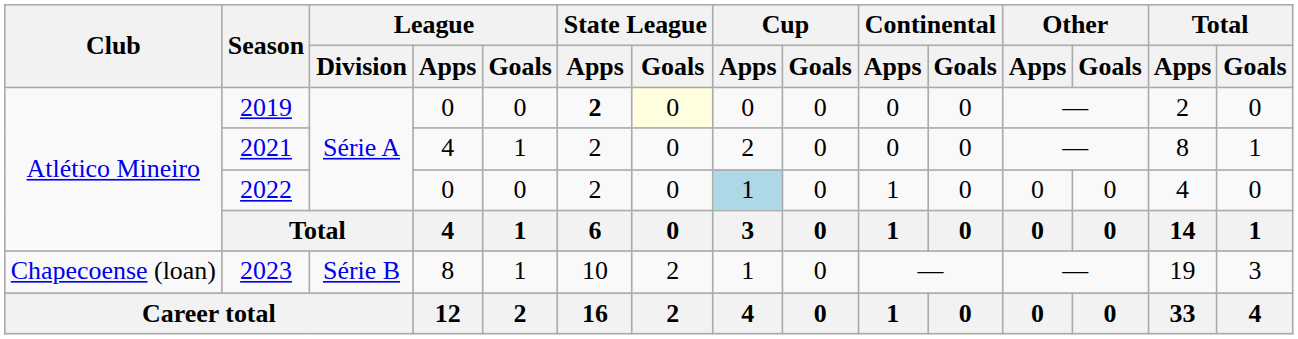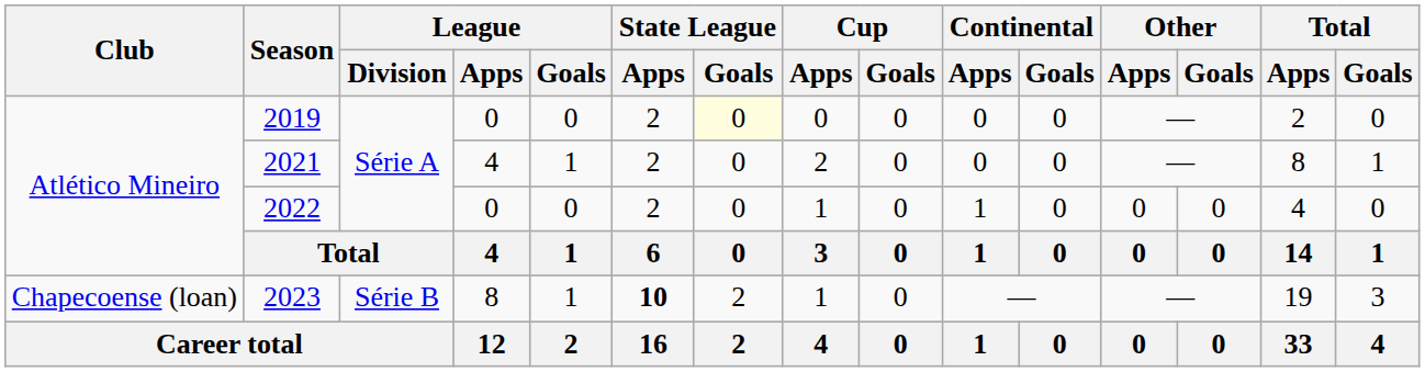 <table class="wikitable" style="text-align: center">
 <tr>
 <th rowspan="2">Club</th>
 <th rowspan="2">Season</th>
 <th colspan="3">League</th>
 <th colspan="2">State League</th>
 <th colspan="2">Cup</th>
 <th colspan="2">Continental</th>
 <th colspan="2">Other</th>
 <th colspan="2">Total</th>
 </tr>
 <tr>
 <th>Division</th>
 <th>Apps</th>
 <th>Goals</th>
 <th>Apps</th>
 <th>Goals</th>
 <th>Apps</th>
 <th>Goals</th>
 <th>Apps</th>
 <th>Goals</th>
 <th>Apps</th>
 <th>Goals</th>
 <th>Apps</th>
 <th>Goals</th>
 </tr>
 <tr>
 <td rowspan=4 valign="center"><a href='#'>Atlético Mineiro</a></td>
 <td><a href='#'>2019</a></td>
 <td rowspan=3 valign="center"><a href='#'>Série A</a></td>
 <td>0</td>
 <td>0</td>
-<td><strong>2</strong></td>
+<td>2</td>
 <td style="background: lightyellow;">0</td>
 <td>0</td>
 <td>0</td>
 <td>0</td>
 <td>0</td>
 <td colspan="2">—</td>
 <td>2</td>
 <td>0</td>
 </tr>
 <tr>
 <td><a href='#'>2021</a></td>
 <td>4</td>
 <td>1</td>
 <td>2</td>
 <td>0</td>
 <td>2</td>
 <td>0</td>
 <td>0</td>
 <td>0</td>
 <td colspan="2">—</td>
 <td>8</td>
 <td>1</td>
 </tr>
 <tr>
 <td><a href='#'>2022</a></td>
 <td>0</td>
 <td>0</td>
 <td>2</td>
 <td>0</td>
-<td style="background: lightblue;">1</td>
+<td>1</td>
 <td>0</td>
 <td>1</td>
 <td>0</td>
 <td>0</td>
 <td>0</td>
 <td>4</td>
 <td>0</td>
 </tr>
 <tr>
 <th colspan="2"><strong>Total</strong></th>
 <th>4</th>
 <th>1</th>
 <th>6</th>
 <th>0</th>
 <th>3</th>
 <th>0</th>
 <th>1</th>
 <th>0</th>
 <th>0</th>
 <th>0</th>
 <th>14</th>
 <th>1</th>
 </tr>
 <tr>
 <td valign="center"><a href='#'>Chapecoense</a> (loan)</td>
 <td><a href='#'>2023</a></td>
 <td valign="center"><a href='#'>Série B</a></td>
 <td>8</td>
 <td>1</td>
-<td>10</td>
+<td><strong>10</strong></td>
 <td>2</td>
 <td>1</td>
 <td>0</td>
 <td colspan="2">—</td>
 <td colspan="2">—</td>
 <td>19</td>
 <td>3</td>
 </tr>
 <tr>
 <th colspan="3"><strong>Career total</strong></th>
 <th>12</th>
 <th>2</th>
 <th>16</th>
 <th>2</th>
 <th>4</th>
 <th>0</th>
 <th>1</th>
 <th>0</th>
 <th>0</th>
 <th>0</th>
 <th>33</th>
 <th>4</th>
 </tr>
 </table>
